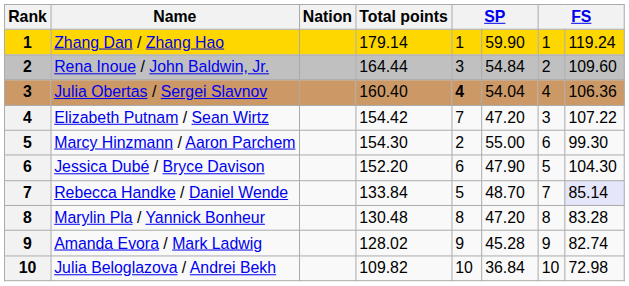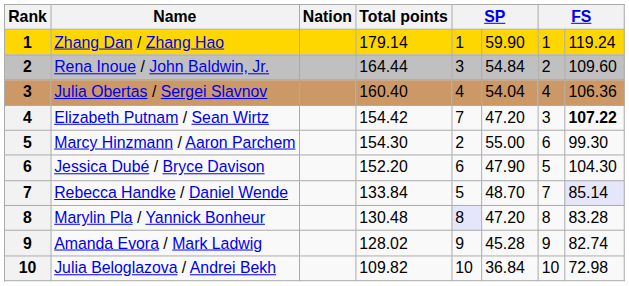 <table class="wikitable">
 <tr>
 <th>Rank</th>
 <th>Name</th>
 <th>Nation</th>
 <th>Total points</th>
 <th colspan="2" width="80px"><a href='#'>SP</a></th>
 <th colspan="2" width="80px"><a href='#'>FS</a></th>
 </tr>
 <tr bgcolor="gold">
 <td align="center"><strong>1</strong></td>
 <td><a href='#'>Zhang Dan</a> / <a href='#'>Zhang Hao</a></td>
 <td></td>
 <td>179.14</td>
 <td>1</td>
 <td>59.90</td>
 <td>1</td>
 <td>119.24</td>
 </tr>
 <tr bgcolor="silver">
 <td align="center"><strong>2</strong></td>
 <td><a href='#'>Rena Inoue</a> / <a href='#'>John Baldwin, Jr.</a></td>
 <td></td>
 <td>164.44</td>
 <td>3</td>
 <td>54.84</td>
 <td>2</td>
 <td>109.60</td>
 </tr>
 <tr bgcolor="cc9966">
 <td align="center"><strong>3</strong></td>
 <td><a href='#'>Julia Obertas</a> / <a href='#'>Sergei Slavnov</a></td>
 <td></td>
 <td>160.40</td>
-<td><strong>4</strong></td>
+<td>4</td>
 <td>54.04</td>
 <td>4</td>
 <td>106.36</td>
 </tr>
 <tr>
 <th>4</th>
 <td><a href='#'>Elizabeth Putnam</a> / <a href='#'>Sean Wirtz</a></td>
 <td></td>
 <td>154.42</td>
 <td>7</td>
 <td>47.20</td>
 <td>3</td>
-<td>107.22</td>
+<td><strong>107.22</strong></td>
 </tr>
 <tr>
 <th>5</th>
 <td><a href='#'>Marcy Hinzmann</a> / <a href='#'>Aaron Parchem</a></td>
 <td></td>
 <td>154.30</td>
 <td>2</td>
 <td>55.00</td>
 <td>6</td>
 <td>99.30</td>
 </tr>
 <tr>
 <th>6</th>
 <td><a href='#'>Jessica Dubé</a> / <a href='#'>Bryce Davison</a></td>
 <td></td>
 <td>152.20</td>
 <td>6</td>
 <td>47.90</td>
 <td>5</td>
 <td>104.30</td>
 </tr>
 <tr>
 <th>7</th>
 <td><a href='#'>Rebecca Handke</a> / <a href='#'>Daniel Wende</a></td>
 <td></td>
 <td>133.84</td>
 <td>5</td>
 <td>48.70</td>
 <td>7</td>
 <td style="background: lavender;">85.14</td>
 </tr>
 <tr>
 <th>8</th>
 <td><a href='#'>Marylin Pla</a> / <a href='#'>Yannick Bonheur</a></td>
 <td></td>
 <td>130.48</td>
-<td>8</td>
+<td style="background: lavender;">8</td>
 <td>47.20</td>
 <td>8</td>
 <td>83.28</td>
 </tr>
 <tr>
 <th>9</th>
 <td><a href='#'>Amanda Evora</a> / <a href='#'>Mark Ladwig</a></td>
 <td></td>
 <td>128.02</td>
 <td>9</td>
 <td>45.28</td>
 <td>9</td>
 <td>82.74</td>
 </tr>
 <tr>
 <th>10</th>
 <td><a href='#'>Julia Beloglazova</a> / <a href='#'>Andrei Bekh</a></td>
 <td></td>
 <td>109.82</td>
 <td>10</td>
 <td>36.84</td>
 <td>10</td>
 <td>72.98</td>
 </tr>
 </table>
